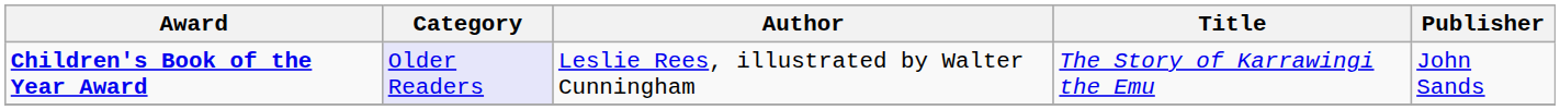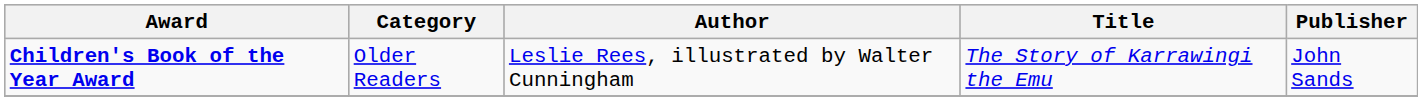 <table class="wikitable" width=100%>
 <tr>
 <th>Award</th>
 <th>Category</th>
 <th>Author</th>
 <th>Title</th>
 <th>Publisher</th>
 </tr>
 <tr>
 <td><strong><a href='#'>Children's Book of the Year Award</a></strong></td>
-<td style="background: lavender;"><a href='#'>Older Readers</a></td>
+<td><a href='#'>Older Readers</a></td>
 <td><a href='#'>Leslie Rees</a>, illustrated by Walter Cunningham</td>
 <td><em><a href='#'>The Story of Karrawingi the Emu</a></em></td>
 <td><a href='#'>John Sands</a></td>
 </tr>
 <tr>
 </tr>
 </table>
